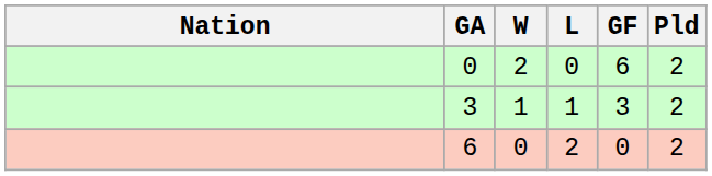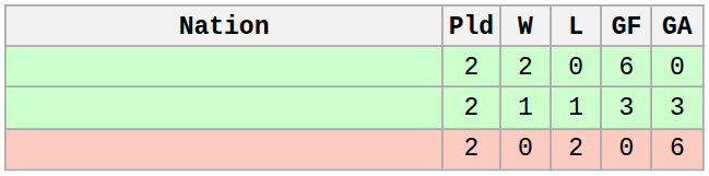 <table class=wikitable style="text-align:center">
 <tr>
 <th width=220>Nation</th>
-<th width=20>GA</th>
+<th width=20>Pld</th>
 <th width=20>W</th>
 <th width=20>L</th>
 <th width=20>GF</th>
-<th width=20>Pld</th>
+<th width=20>GA</th>
 </tr>
 <tr bgcolor="#ccffcc">
 <td align=left></td>
+<td>2</td>
+<td>2</td>
+<td>0</td>
+<td>6</td>
+<td>0</td>
+</tr>
+<tr bgcolor="#ccffcc">
+<td align=left></td>
+<td>2</td>
+<td>1</td>
+<td>1</td>
+<td>3</td>
+<td>3</td>
+</tr>
+<tr bgcolor="#fcccc">
+<td align=left></td>
+<td>2</td>
 <td>0</td>
 <td>2</td>
 <td>0</td>
 <td>6</td>
-<td>2</td>
-</tr>
-<tr bgcolor="#ccffcc">
-<td align=left></td>
-<td>3</td>
-<td>1</td>
-<td>1</td>
-<td>3</td>
-<td>2</td>
-</tr>
-<tr bgcolor="#fcccc">
-<td align=left></td>
-<td>6</td>
-<td>0</td>
-<td>2</td>
-<td>0</td>
-<td>2</td>
 </tr>
 </table>
